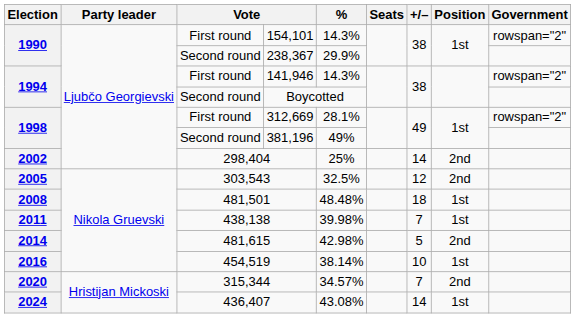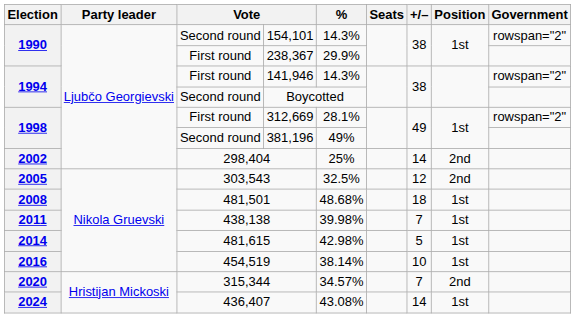 <table class=wikitable style=text-align:center>
 <tr>
 <th>Election</th>
 <th><strong>Party leader</strong></th>
 <th colspan="2">Vote</th>
 <th>%</th>
 <th>Seats</th>
 <th><strong>+/–</strong></th>
 <th><strong>Position</strong></th>
 <th>Government</th>
 </tr>
 <tr>
 <th rowspan="2"><a href='#'>1990</a></th>
 <td rowspan="7"><a href='#'>Ljubčo Georgievski</a></td>
-<td>First round</td>
+<td>Second round</td>
 <td>154,101</td>
 <td>14.3%</td>
 <td rowspan="2" align="left"></td>
 <td rowspan="2"> 38</td>
 <td rowspan="2"> 1st</td>
 <td>rowspan="2" </td>
 </tr>
 <tr>
-<td>Second round</td>
+<td>First round</td>
 <td>238,367</td>
 <td>29.9%</td>
 </tr>
 <tr>
 <th rowspan="2"><a href='#'>1994</a></th>
 <td>First round</td>
 <td>141,946</td>
 <td>14.3%</td>
 <td rowspan="2" align="left"></td>
 <td rowspan="2"> 38</td>
 <td rowspan="2"></td>
 <td>rowspan="2" </td>
 </tr>
 <tr>
 <td>Second round</td>
 <td colspan="2">Boycotted</td>
 </tr>
 <tr>
 <th rowspan="2"><a href='#'>1998</a></th>
 <td>First round</td>
 <td>312,669</td>
 <td>28.1%</td>
 <td rowspan="2" align="left"></td>
 <td rowspan="2"> 49</td>
 <td rowspan="2"> 1st</td>
 <td>rowspan="2" </td>
 </tr>
 <tr>
 <td>Second round</td>
 <td>381,196</td>
 <td>49%</td>
 </tr>
 <tr>
 <th><a href='#'>2002</a></th>
 <td colspan="2">298,404</td>
 <td>25%</td>
 <td></td>
 <td> 14</td>
 <td> 2nd</td>
 <td></td>
 </tr>
 <tr>
 <th><a href='#'>2005</a></th>
 <td rowspan="5"><a href='#'>Nikola Gruevski</a></td>
 <td colspan="2">303,543</td>
 <td>32.5%</td>
 <td></td>
 <td> 12</td>
 <td> 2nd</td>
 <td></td>
 </tr>
 <tr>
 <th><a href='#'>2008</a></th>
 <td colspan="2">481,501</td>
-<td>48.48%</td>
+<td>48.68%</td>
 <td></td>
 <td> 18</td>
 <td> 1st</td>
 <td></td>
 </tr>
 <tr>
 <th><a href='#'>2011</a></th>
 <td colspan="2">438,138</td>
 <td>39.98%</td>
 <td></td>
 <td> 7</td>
 <td> 1st</td>
 <td></td>
 </tr>
 <tr>
 <th><a href='#'>2014</a></th>
 <td colspan="2">481,615</td>
 <td>42.98%</td>
 <td></td>
 <td> 5</td>
-<td> 2nd</td>
+<td> 1st</td>
 <td></td>
 </tr>
 <tr>
 <th><a href='#'>2016</a></th>
 <td colspan="2">454,519</td>
 <td>38.14%</td>
 <td></td>
 <td> 10</td>
 <td> 1st</td>
 <td></td>
 </tr>
 <tr>
 <th><a href='#'>2020</a></th>
 <td rowspan="5"><a href='#'>Hristijan Mickoski</a></td>
 <td colspan="2">315,344</td>
 <td>34.57%</td>
 <td></td>
 <td> 7</td>
 <td> 2nd</td>
 <td></td>
 </tr>
 <tr>
 <th><a href='#'>2024</a></th>
 <td colspan="2">436,407</td>
 <td>43.08%</td>
 <td></td>
 <td> 14</td>
 <td> 1st</td>
 <td></td>
 </tr>
 </table>
